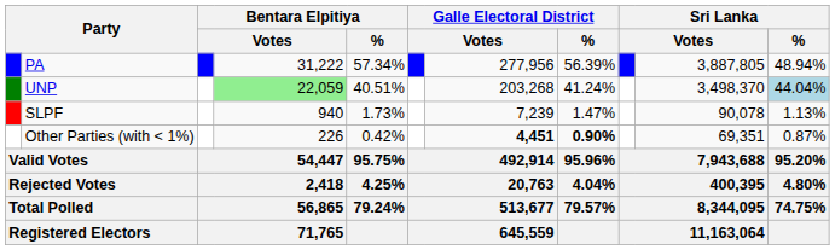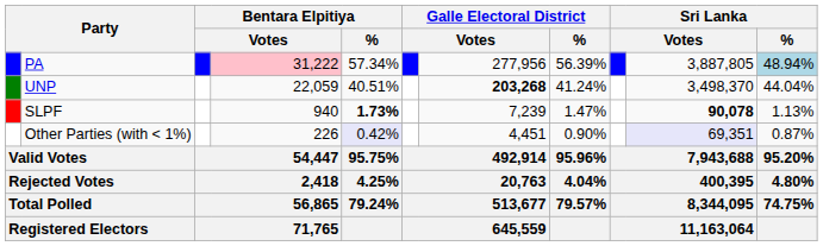 <table class="wikitable">
 <tr>
 <th colspan="2" width="144px"rowspan="2">Party</th>
 <th colspan="3" width="216px">Bentara Elpitiya</th>
 <th colspan="3" width="216px"><a href='#'>Galle Electoral District</a></th>
 <th colspan="3" width="216px">Sri Lanka</th>
 </tr>
 <tr>
 <th colspan="2" width="144px">Votes</th>
 <th>%</th>
 <th colspan="2" width="144px">Votes</th>
 <th>%</th>
 <th colspan="2" width="144px">Votes</th>
 <th>%</th>
 </tr>
 <tr>
 <td style="background-color:blue;" width="10px"></td>
 <td style="text-align:left;"><a href='#'>PA</a></td>
 <td style="background-color:blue;" width="10px"></td>
-<td style="text-align:right;">31,222</td>
+<td style="background: pink; text-align:right;">31,222</td>
 <td style="text-align:right;">57.34%</td>
 <td style="background-color:blue;" width="10px"></td>
 <td style="text-align:right;">277,956</td>
 <td style="text-align:right;">56.39%</td>
 <td style="background-color:blue;" width="10px"></td>
 <td style="text-align:right;">3,887,805</td>
-<td style="text-align:right;">48.94%</td>
+<td style="background: lightblue; text-align:right;">48.94%</td>
 </tr>
 <tr>
 <td style="background-color:green;" width="10px"></td>
 <td style="text-align:left;"><a href='#'>UNP</a></td>
 <td style="background-color:white;" width="10px"></td>
-<td style="background: lightgreen; text-align:right;">22,059</td>
+<td style="text-align:right;">22,059</td>
 <td style="text-align:right;">40.51%</td>
 <td style="background-color:white;" width="10px"></td>
-<td style="text-align:right;">203,268</td>
+<td style="text-align:right;"><strong>203,268</strong></td>
 <td style="text-align:right;">41.24%</td>
 <td style="background-color:white;" width="10px"></td>
 <td style="text-align:right;">3,498,370</td>
-<td style="background: lightblue; text-align:right;">44.04%</td>
+<td style="text-align:right;">44.04%</td>
 </tr>
 <tr>
 <td style="background-color:red;" width="10px"></td>
 <td style="text-align:left;">SLPF</td>
 <td style="background-color:white;" width="10px"></td>
 <td style="text-align:right;">940</td>
-<td style="text-align:right;">1.73%</td>
+<td style="text-align:right;"><strong>1.73%</strong></td>
 <td style="background-color:white;" width="10px"></td>
 <td style="text-align:right;">7,239</td>
 <td style="text-align:right;">1.47%</td>
 <td style="background-color:white;" width="10px"></td>
-<td style="text-align:right;">90,078</td>
+<td style="text-align:right;"><strong>90,078</strong></td>
 <td style="text-align:right;">1.13%</td>
 </tr>
 <tr>
 <td style="background-color:white;" width="10px"></td>
 <td style="text-align:left;">Other Parties (with < 1%)</td>
 <td style="background-color:white;" width="10px"></td>
 <td style="text-align:right;">226</td>
-<td style="text-align:right;">0.42%</td>
+<td style="background: lavender; text-align:right;">0.42%</td>
 <td style="background-color:white;" width="10px"></td>
-<td style="text-align:right;"><strong>4,451</strong></td>
-<td style="text-align:right;"><strong>0.90%</strong></td>
+<td style="text-align:right;">4,451</td>
+<td style="text-align:right;">0.90%</td>
 <td style="background-color:white;" width="10px"></td>
-<td style="text-align:right;">69,351</td>
+<td style="background: lavender; text-align:right;">69,351</td>
 <td style="text-align:right;">0.87%</td>
 </tr>
 <tr>
 <th colspan="2" width="144px"style="text-align:left;">Valid Votes</th>
 <th style="text-align:right;"colspan="2" width="144px">54,447</th>
 <th style="text-align:right;">95.75%</th>
 <th style="text-align:right;"colspan="2" width="144px">492,914</th>
 <th style="text-align:right;">95.96%</th>
 <th style="text-align:right;"colspan="2" width="144px">7,943,688</th>
 <th style="text-align:right;">95.20%</th>
 </tr>
 <tr>
 <th colspan="2" width="144px"style="text-align:left;">Rejected Votes</th>
 <th style="text-align:right;"colspan="2" width="144px">2,418</th>
 <th style="text-align:right;">4.25%</th>
 <th style="text-align:right;"colspan="2" width="144px">20,763</th>
 <th style="text-align:right;">4.04%</th>
 <th style="text-align:right;"colspan="2" width="144px">400,395</th>
 <th style="text-align:right;">4.80%</th>
 </tr>
 <tr>
 <th colspan="2" width="144px"style="text-align:left;">Total Polled</th>
 <th style="text-align:right;"colspan="2" width="144px">56,865</th>
 <th style="text-align:right;">79.24%</th>
 <th style="text-align:right;"colspan="2" width="144px">513,677</th>
 <th style="text-align:right;">79.57%</th>
 <th style="text-align:right;"colspan="2" width="144px">8,344,095</th>
 <th style="text-align:right;">74.75%</th>
 </tr>
 <tr>
 <th colspan="2" width="144px"style="text-align:left;">Registered Electors</th>
 <th style="text-align:right;"colspan="2" width="144px">71,765</th>
 <th></th>
 <th style="text-align:right;"colspan="2" width="144px">645,559</th>
 <th></th>
 <th style="text-align:right;"colspan="2" width="144px">11,163,064</th>
 <th></th>
 </tr>
 </table>
